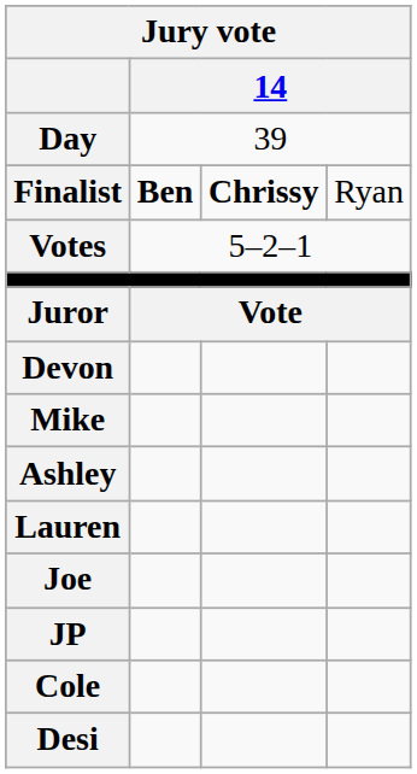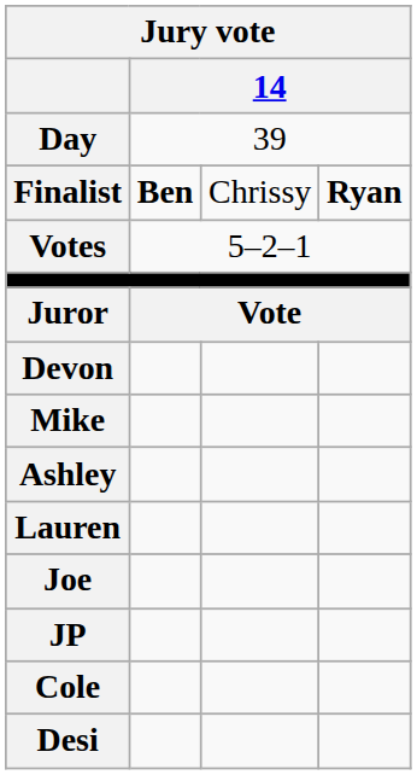 <table class="wikitable" style="text-align:center; font-size:100%">
 <tr>
 <th colspan="4">Jury vote</th>
 </tr>
 <tr>
 <th></th>
 <th colspan="3"><a href='#'>14</a></th>
 </tr>
 <tr>
 <th>Day</th>
 <td colspan="3">39</td>
 </tr>
 <tr>
 <th>Finalist</th>
 <td><strong>Ben</strong></td>
-<td><strong>Chrissy</strong></td>
-<td>Ryan</td>
+<td>Chrissy</td>
+<td><strong>Ryan</strong></td>
 </tr>
 <tr>
 <th>Votes</th>
 <td colspan="3">5–2–1</td>
 </tr>
 <tr>
 <th colspan="5" style="background:black;"></th>
 </tr>
 <tr>
 <th>Juror</th>
 <th colspan="4">Vote</th>
 </tr>
 <tr>
 <th>Devon</th>
 <td></td>
 <td></td>
 <td></td>
 </tr>
 <tr>
 <th>Mike</th>
 <td></td>
 <td></td>
 <td></td>
 </tr>
 <tr>
 <th>Ashley</th>
 <td></td>
 <td></td>
 <td></td>
 </tr>
 <tr>
 <th>Lauren</th>
 <td></td>
 <td></td>
 <td></td>
 </tr>
 <tr>
 <th>Joe</th>
 <td></td>
 <td></td>
 <td></td>
 </tr>
 <tr>
 <th>JP</th>
 <td></td>
 <td></td>
 <td></td>
 </tr>
 <tr>
 <th>Cole</th>
 <td></td>
 <td></td>
 <td></td>
 </tr>
 <tr>
 <th>Desi</th>
 <td></td>
 <td></td>
 <td></td>
 </tr>
 </table>
